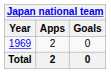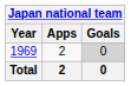 <table class="wikitable" style="text-align:center">
 <tr>
 <th colspan=3><a href='#'>Japan national team</a></th>
 </tr>
 <tr>
 <th>Year</th>
 <th>Apps</th>
 <th>Goals</th>
 </tr>
 <tr>
 <td><a href='#'>1969</a></td>
 <td>2</td>
-<td>0</td>
+<td style="background: lightgrey;">0</td>
 </tr>
 <tr>
 <th>Total</th>
 <th>2</th>
 <th>0</th>
 </tr>
 </table>
